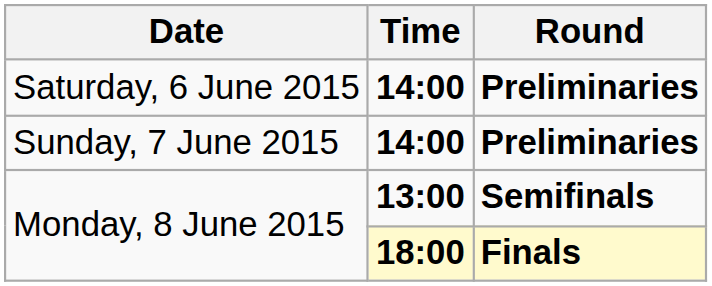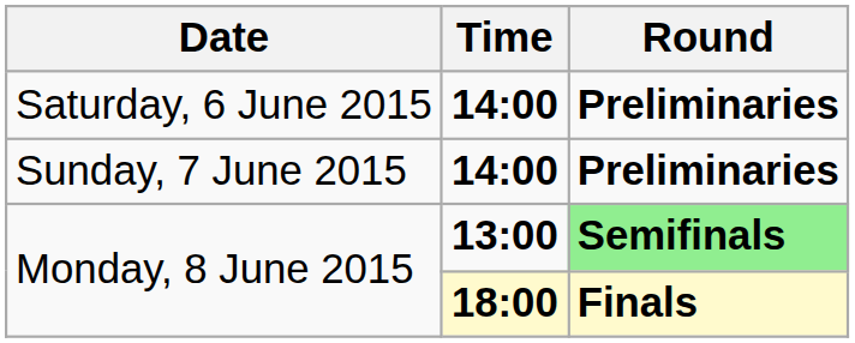 <table class="wikitable">
 <tr>
 <th>Date</th>
 <th>Time</th>
 <th>Round</th>
 </tr>
 <tr>
 <td>Saturday, 6 June 2015</td>
 <td><strong>14:00</strong></td>
 <td><strong>Preliminaries</strong></td>
 </tr>
 <tr>
 <td>Sunday, 7 June 2015</td>
 <td><strong>14:00</strong></td>
 <td><strong>Preliminaries</strong></td>
 </tr>
 <tr>
 <td rowspan="2">Monday, 8 June 2015</td>
 <td><strong>13:00</strong></td>
-<td><strong>Semifinals</strong></td>
+<td style="background: lightgreen;"><strong>Semifinals</strong></td>
 </tr>
 <tr style="background:lemonchiffon;">
 <td><strong>18:00</strong></td>
 <td><strong>Finals</strong></td>
 </tr>
 </table>
